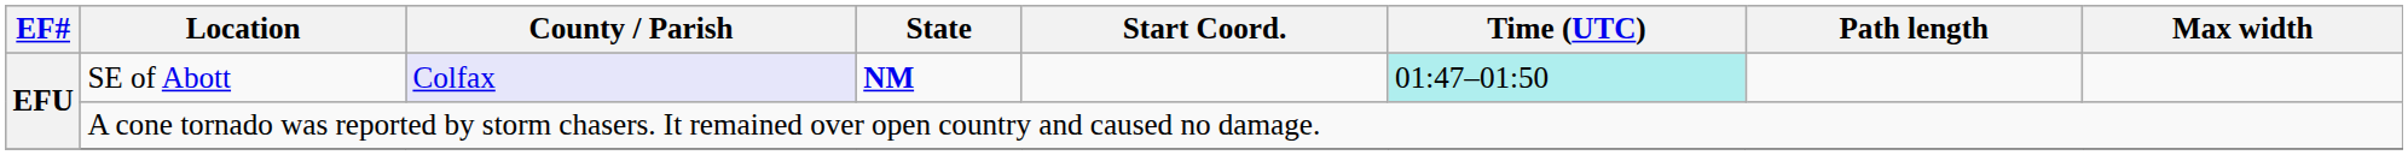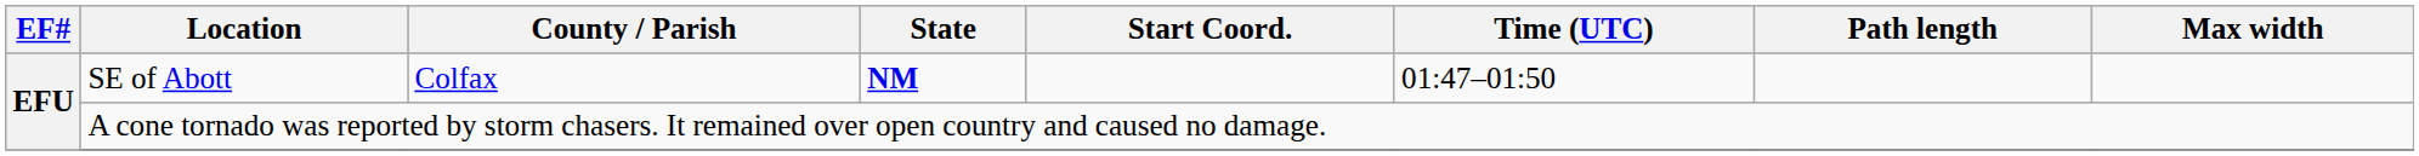 <table class="wikitable sortable" style="width:100%;">
 <tr>
 <th scope="col" width="2%" align="center"><a href='#'>EF#</a></th>
 <th scope="col" align="center" class="unsortable">Location</th>
 <th scope="col" align="center" class="unsortable">County / Parish</th>
 <th scope="col" align="center">State</th>
 <th scope="col" align="center">Start Coord.</th>
 <th scope="col" align="center">Time (<a href='#'>UTC</a>)</th>
 <th scope="col" align="center">Path length</th>
 <th scope="col" align="center">Max width</th>
 </tr>
 <tr>
 <th scope="row" rowspan="2" style="background-color:#">EFU</th>
 <td>SE of <a href='#'>Abott</a></td>
-<td style="background: lavender;"><a href='#'>Colfax</a></td>
+<td><a href='#'>Colfax</a></td>
 <td><strong><a href='#'>NM</a></strong></td>
 <td></td>
-<td style="background: paleturquoise;">01:47–01:50</td>
+<td>01:47–01:50</td>
 <td></td>
 <td></td>
 </tr>
 <tr class="expand-child">
 <td colspan="8" style=" border-bottom: 1px solid black;">A cone tornado was reported by storm chasers. It remained over open country and caused no damage.</td>
 </tr>
 <tr>
 </tr>
 </table>
